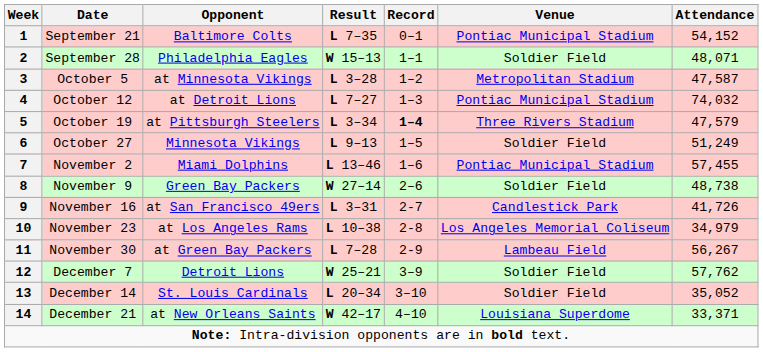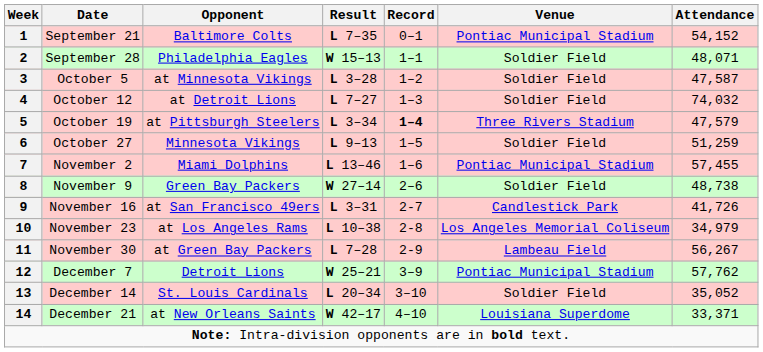 <table class="wikitable" style="text-align:center">
 <tr>
 <th>Week</th>
 <th>Date</th>
 <th>Opponent</th>
 <th>Result</th>
 <th>Record</th>
 <th>Venue</th>
 <th>Attendance</th>
 </tr>
 <tr style="background:#fcc">
 <th>1</th>
 <td>September 21</td>
 <td><a href='#'>Baltimore Colts</a></td>
 <td><strong>L</strong> 7–35</td>
 <td>0–1</td>
 <td><a href='#'>Pontiac Municipal Stadium</a></td>
 <td>54,152</td>
 </tr>
 <tr style="background:#cfc">
 <th>2</th>
 <td>September 28</td>
 <td><a href='#'>Philadelphia Eagles</a></td>
 <td><strong>W</strong> 15–13</td>
 <td>1–1</td>
 <td>Soldier Field</td>
 <td>48,071</td>
 </tr>
 <tr style="background:#fcc">
 <th>3</th>
 <td>October 5</td>
 <td>at <a href='#'>Minnesota Vikings</a></td>
 <td><strong>L</strong> 3–28</td>
 <td>1–2</td>
-<td><a href='#'>Metropolitan Stadium</a></td>
+<td>Soldier Field</td>
 <td>47,587</td>
 </tr>
 <tr style="background:#fcc">
 <th>4</th>
 <td>October 12</td>
 <td>at <a href='#'>Detroit Lions</a></td>
 <td><strong>L</strong> 7–27</td>
 <td>1–3</td>
-<td><a href='#'>Pontiac Municipal Stadium</a></td>
+<td>Soldier Field</td>
 <td>74,032</td>
 </tr>
 <tr style="background:#fcc">
 <th>5</th>
 <td>October 19</td>
 <td>at <a href='#'>Pittsburgh Steelers</a></td>
 <td><strong>L</strong> 3–34</td>
 <td><strong>1–4</strong></td>
 <td><a href='#'>Three Rivers Stadium</a></td>
 <td>47,579</td>
 </tr>
 <tr style="background:#fcc">
 <th>6</th>
 <td>October 27</td>
 <td><a href='#'>Minnesota Vikings</a></td>
 <td><strong>L</strong> 9–13</td>
 <td>1–5</td>
 <td>Soldier Field</td>
-<td>51,249</td>
+<td>51,259</td>
 </tr>
 <tr style="background:#fcc">
 <th>7</th>
 <td>November 2</td>
 <td><a href='#'>Miami Dolphins</a></td>
 <td><strong>L</strong> 13–46</td>
 <td>1–6</td>
 <td><a href='#'>Pontiac Municipal Stadium</a></td>
 <td>57,455</td>
 </tr>
 <tr style="background:#cfc">
 <th>8</th>
 <td>November 9</td>
 <td><a href='#'>Green Bay Packers</a></td>
 <td><strong>W</strong> 27–14</td>
 <td>2–6</td>
 <td>Soldier Field</td>
 <td>48,738</td>
 </tr>
 <tr style="background:#fcc">
 <th>9</th>
 <td>November 16</td>
 <td>at <a href='#'>San Francisco 49ers</a></td>
 <td><strong>L</strong> 3–31</td>
 <td>2-7</td>
 <td><a href='#'>Candlestick Park</a></td>
 <td>41,726</td>
 </tr>
 <tr style="background:#fcc">
 <th>10</th>
 <td>November 23</td>
 <td>at <a href='#'>Los Angeles Rams</a></td>
 <td><strong>L</strong> 10–38</td>
 <td>2-8</td>
 <td><a href='#'>Los Angeles Memorial Coliseum</a></td>
 <td>34,979</td>
 </tr>
 <tr style="background:#fcc">
 <th>11</th>
 <td>November 30</td>
 <td>at <a href='#'>Green Bay Packers</a></td>
 <td><strong>L</strong> 7–28</td>
 <td>2-9</td>
 <td><a href='#'>Lambeau Field</a></td>
 <td>56,267</td>
 </tr>
 <tr style="background:#cfc">
 <th>12</th>
 <td>December 7</td>
 <td><a href='#'>Detroit Lions</a></td>
 <td><strong>W</strong> 25–21</td>
 <td>3–9</td>
-<td>Soldier Field</td>
+<td><a href='#'>Pontiac Municipal Stadium</a></td>
 <td>57,762</td>
 </tr>
 <tr style="background:#fcc">
 <th>13</th>
 <td>December 14</td>
 <td><a href='#'>St. Louis Cardinals</a></td>
 <td><strong>L</strong> 20–34</td>
 <td>3–10</td>
 <td>Soldier Field</td>
 <td>35,052</td>
 </tr>
 <tr style="background:#cfc">
 <th>14</th>
 <td>December 21</td>
 <td>at <a href='#'>New Orleans Saints</a></td>
 <td><strong>W</strong> 42–17</td>
 <td>4–10</td>
 <td><a href='#'>Louisiana Superdome</a></td>
 <td>33,371</td>
 </tr>
 <tr>
 <td colspan="8"><strong>Note:</strong> Intra-division opponents are in <strong>bold</strong> text.</td>
 </tr>
 </table>
